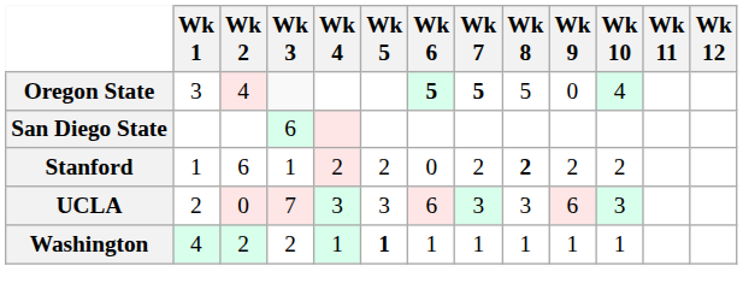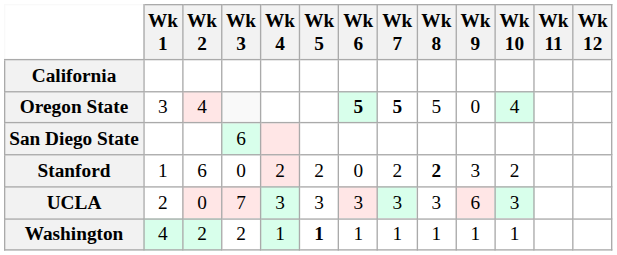 <table class="wikitable" style="white-space:nowrap;font-size:90%;text-align:center;">
 <tr>
 <th style="background:white; border-top-style:hidden; border-left-style:hidden;"> </th>
 <th>Wk<br> 1</th>
 <th>Wk<br>2</th>
 <th>Wk<br>3</th>
 <th>Wk<br>4</th>
 <th>Wk<br>5</th>
 <th>Wk<br>6</th>
 <th>Wk<br>7</th>
 <th>Wk<br>8</th>
 <th>Wk<br>9</th>
 <th>Wk<br>10</th>
 <th>Wk<br>11</th>
 <th>Wk<br>12</th>
+</tr>
+<tr>
+<th>California</th>
+<td style="background:#FFF;"></td>
+<td style="background:#FFF;"></td>
+<td style="background:#FFF;"></td>
+<td style="background:#FFF;"></td>
+<td style="background:#FFF;"></td>
+<td style="background:#FFF;"></td>
+<td style="background:#FFF;"></td>
+<td style="background:#FFF;"></td>
+<td style="background:#FFF;"></td>
+<td style="background:#FFF;"></td>
+<td style="background:#FFF;"></td>
+<td style="background:#FFF;"></td>
 </tr>
 <tr>
 <th>Oregon State</th>
 <td style="background:#FFF;">3</td>
 <td style="background:#FFE6E6;">4</td>
 <td style="background:#FFFE6E6;"></td>
 <td style="background:#FFF;"></td>
 <td style="background:#FFF;"></td>
 <td style="background:#D8FFEB;"><strong>5</strong></td>
 <td style="background:#FFF;"><strong>5</strong></td>
 <td style="background:#FFF;">5</td>
 <td style="background:#FFF;">0</td>
 <td style="background:#D8FFEB;">4</td>
 <td style="background:#FFF;"></td>
 <td style="background:#FFF;"></td>
 </tr>
 <tr>
 <th>San Diego State</th>
 <td style="background:#FFF;"></td>
 <td style="background:#FFF;"></td>
 <td style="background:#D8FFEB;">6</td>
 <td style="background:#FFE6E6;"></td>
 <td style="background:#FFF;"></td>
 <td style="background:#FFF;"></td>
 <td style="background:#FFF;"></td>
 <td style="background:#FFF;"></td>
 <td style="background:#FFF;"></td>
 <td style="background:#FFF;"></td>
 <td style="background:#FFF;"></td>
 <td style="background:#FFF;"></td>
 </tr>
 <tr>
 <th>Stanford</th>
 <td style="background:#FFF;">1</td>
 <td style="background:#FFF;">6</td>
-<td style="background:#FFF;">1</td>
+<td style="background:#FFF;">0</td>
 <td style="background:#FFE6E6;">2</td>
 <td style="background:#FFF;">2</td>
 <td style="background:#FFF;">0</td>
 <td style="background:#FFF;">2</td>
 <td style="background:#FFF;"><strong>2</strong></td>
-<td style="background:#FFF;">2</td>
+<td style="background:#FFF;">3</td>
 <td style="background:#FFF;">2</td>
 <td style="background:#FFF;"></td>
 <td style="background:#FFF;"></td>
 </tr>
 <tr>
 <th>UCLA</th>
 <td style="background:#FFF;">2</td>
 <td style="background:#FFE6E6;">0</td>
 <td style="background:#FFE6E6;">7</td>
 <td style="background:#D8FFEB;">3</td>
 <td style="background:#FFF;">3</td>
-<td style="background:#FFE6E6;">6</td>
+<td style="background:#FFE6E6;">3</td>
 <td style="background:#D8FFEB;">3</td>
 <td style="background:#FFF;">3</td>
 <td style="background:#FFE6E6;">6</td>
 <td style="background:#D8FFEB;">3</td>
 <td style="background:#FFF;"></td>
 <td style="background:#FFF;"></td>
 </tr>
 <tr>
 <th>Washington</th>
 <td style="background:#D8FFEB;">4</td>
 <td style="background:#D8FFEB;">2</td>
 <td style="background:#FFF;">2</td>
 <td style="background:#D8FFEB;">1</td>
 <td style="background:#FFF;"><strong>1</strong></td>
 <td style="background:#FFF;">1</td>
 <td style="background:#FFF;">1</td>
 <td style="background:#FFF;">1</td>
 <td style="background:#FFF;">1</td>
 <td style="background:#FFF;">1</td>
 <td style="background:#FFF;"></td>
 <td style="background:#FFF;"></td>
 </tr>
 </table>
